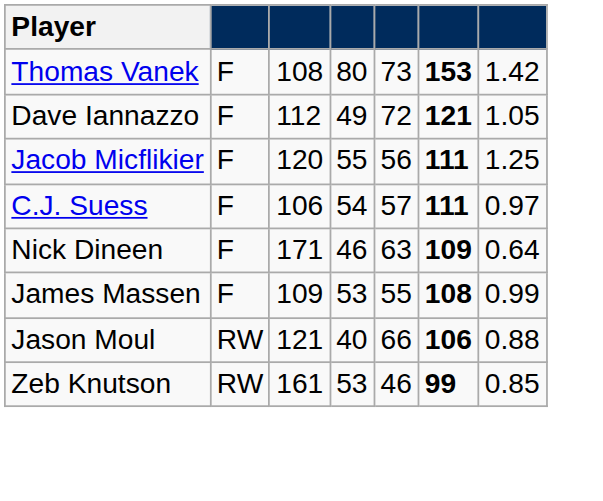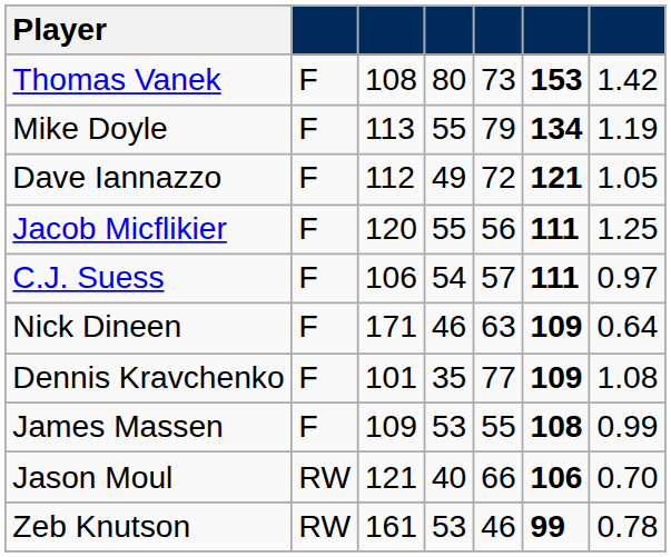 <table class="wikitable">
 <tr>
 <th style="text-align:left;" style="background:#002b5c; color:#FFFFFF;">Player</th>
 <th style="background:#002b5c; color:#FFFFFF;"></th>
 <th style="background:#002b5c; color:#FFFFFF;"></th>
 <th style="background:#002b5c; color:#FFFFFF;"></th>
 <th style="background:#002b5c; color:#FFFFFF;"></th>
 <th style="background:#002b5c; color:#FFFFFF;"></th>
 <th style="background:#002b5c; color:#FFFFFF;"></th>
 </tr>
 <tr>
 <td style="text-align:left;"><a href='#'>Thomas Vanek</a></td>
 <td>F</td>
 <td>108</td>
 <td>80</td>
 <td>73</td>
 <td><strong>153</strong></td>
 <td>1.42</td>
+</tr>
+<tr>
+<td style="text-align:left;">Mike Doyle</td>
+<td>F</td>
+<td>113</td>
+<td>55</td>
+<td>79</td>
+<td><strong>134</strong></td>
+<td>1.19</td>
 </tr>
 <tr>
 <td style="text-align:left;">Dave Iannazzo</td>
 <td>F</td>
 <td>112</td>
 <td>49</td>
 <td>72</td>
 <td><strong>121</strong></td>
 <td>1.05</td>
 </tr>
 <tr>
 <td style="text-align:left;"><a href='#'>Jacob Micflikier</a></td>
 <td>F</td>
 <td>120</td>
 <td>55</td>
 <td>56</td>
 <td><strong>111</strong></td>
 <td>1.25</td>
 </tr>
 <tr>
 <td style="text-align:left;"><a href='#'>C.J. Suess</a></td>
 <td>F</td>
 <td>106</td>
 <td>54</td>
 <td>57</td>
 <td><strong>111</strong></td>
 <td>0.97</td>
 </tr>
 <tr>
 <td style="text-align:left;">Nick Dineen</td>
 <td>F</td>
 <td>171</td>
 <td>46</td>
 <td>63</td>
 <td><strong>109</strong></td>
 <td>0.64</td>
 </tr>
 <tr>
+<td style="text-align:left;">Dennis Kravchenko</td>
+<td>F</td>
+<td>101</td>
+<td>35</td>
+<td>77</td>
+<td><strong>109</strong></td>
+<td>1.08</td>
+</tr>
+<tr>
 <td style="text-align:left;">James Massen</td>
 <td>F</td>
 <td>109</td>
 <td>53</td>
 <td>55</td>
 <td><strong>108</strong></td>
 <td>0.99</td>
 </tr>
 <tr>
 <td style="text-align:left;">Jason Moul</td>
 <td>RW</td>
 <td>121</td>
 <td>40</td>
 <td>66</td>
 <td><strong>106</strong></td>
-<td>0.88</td>
+<td>0.70</td>
 </tr>
 <tr>
 <td style="text-align:left;">Zeb Knutson</td>
 <td>RW</td>
 <td>161</td>
 <td>53</td>
 <td>46</td>
 <td><strong>99</strong></td>
-<td>0.85</td>
+<td>0.78</td>
 </tr>
 </table>
